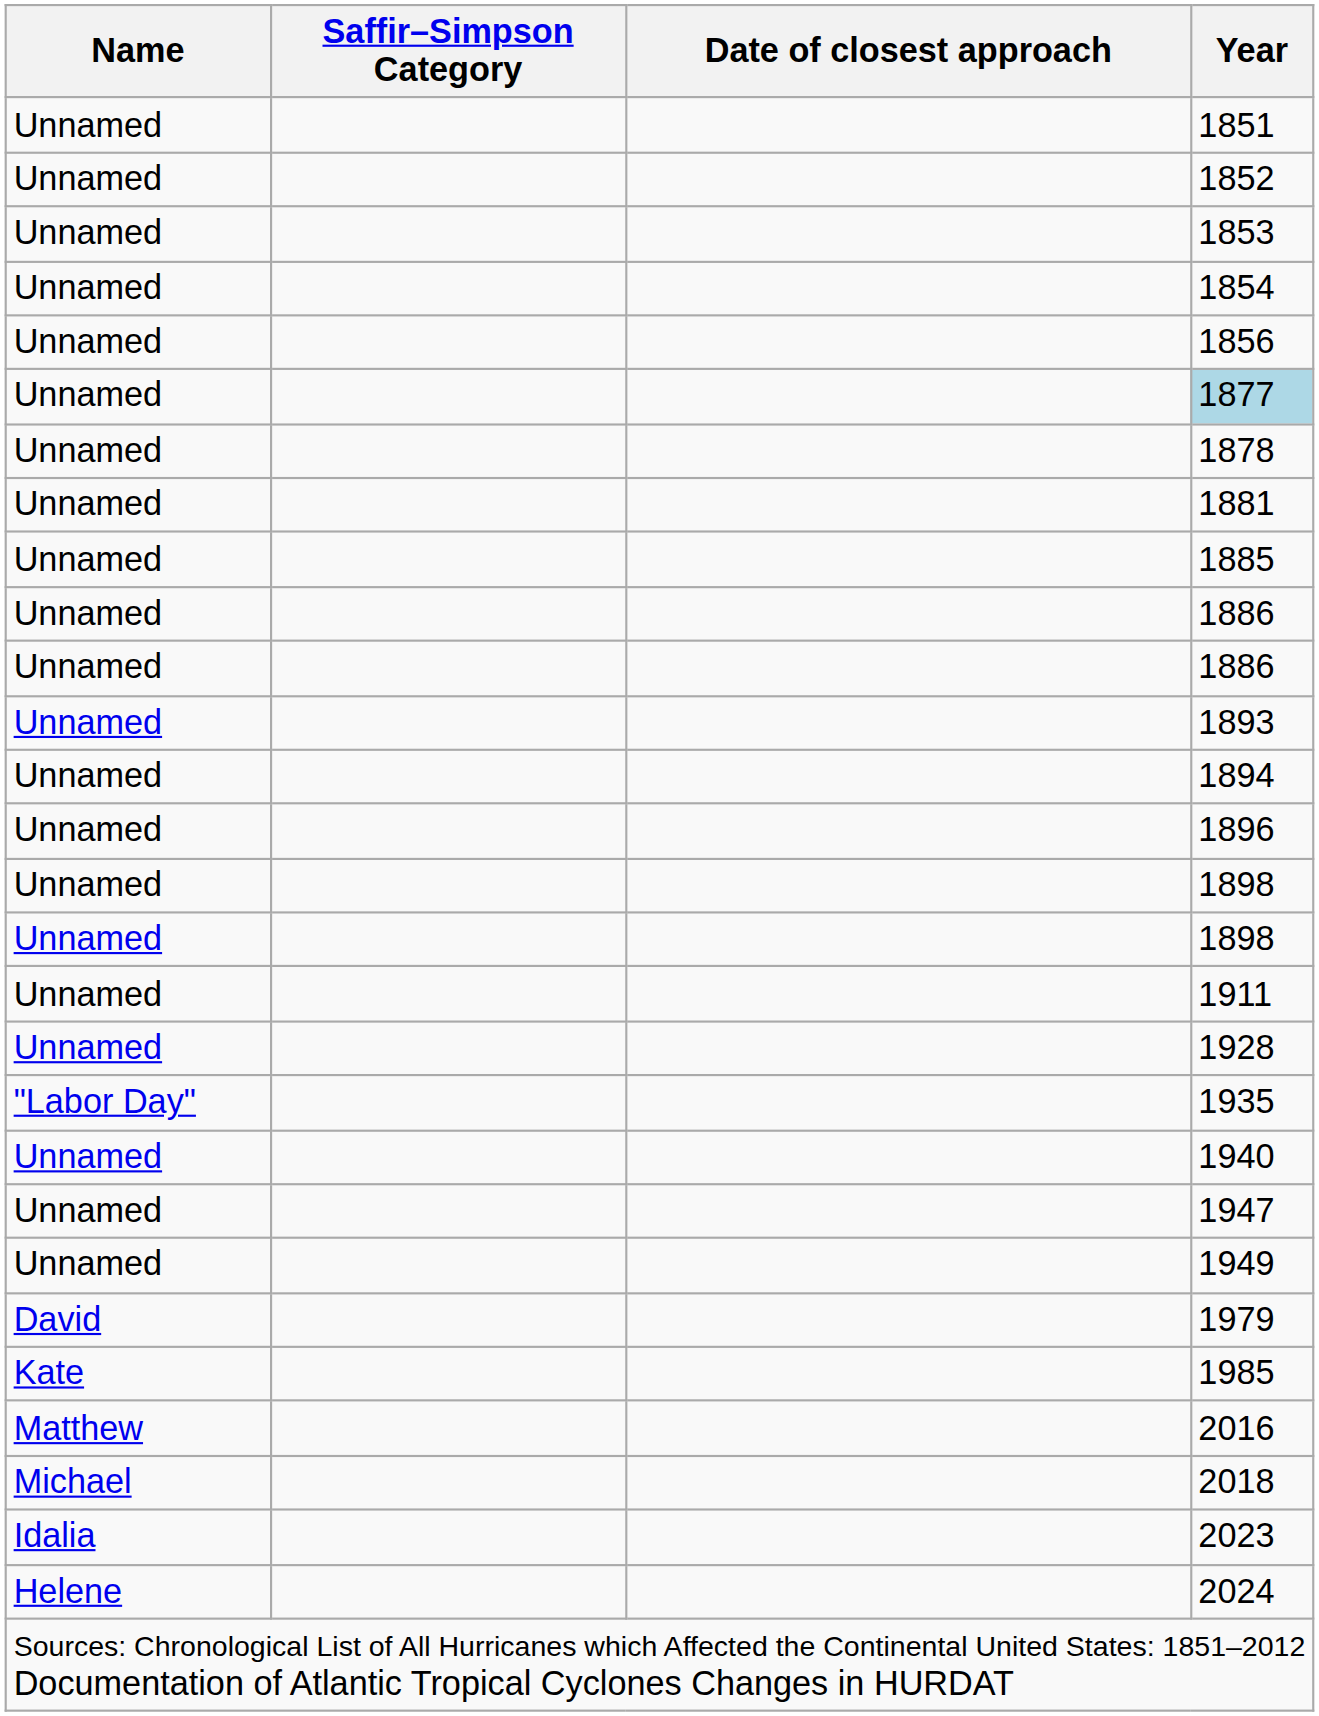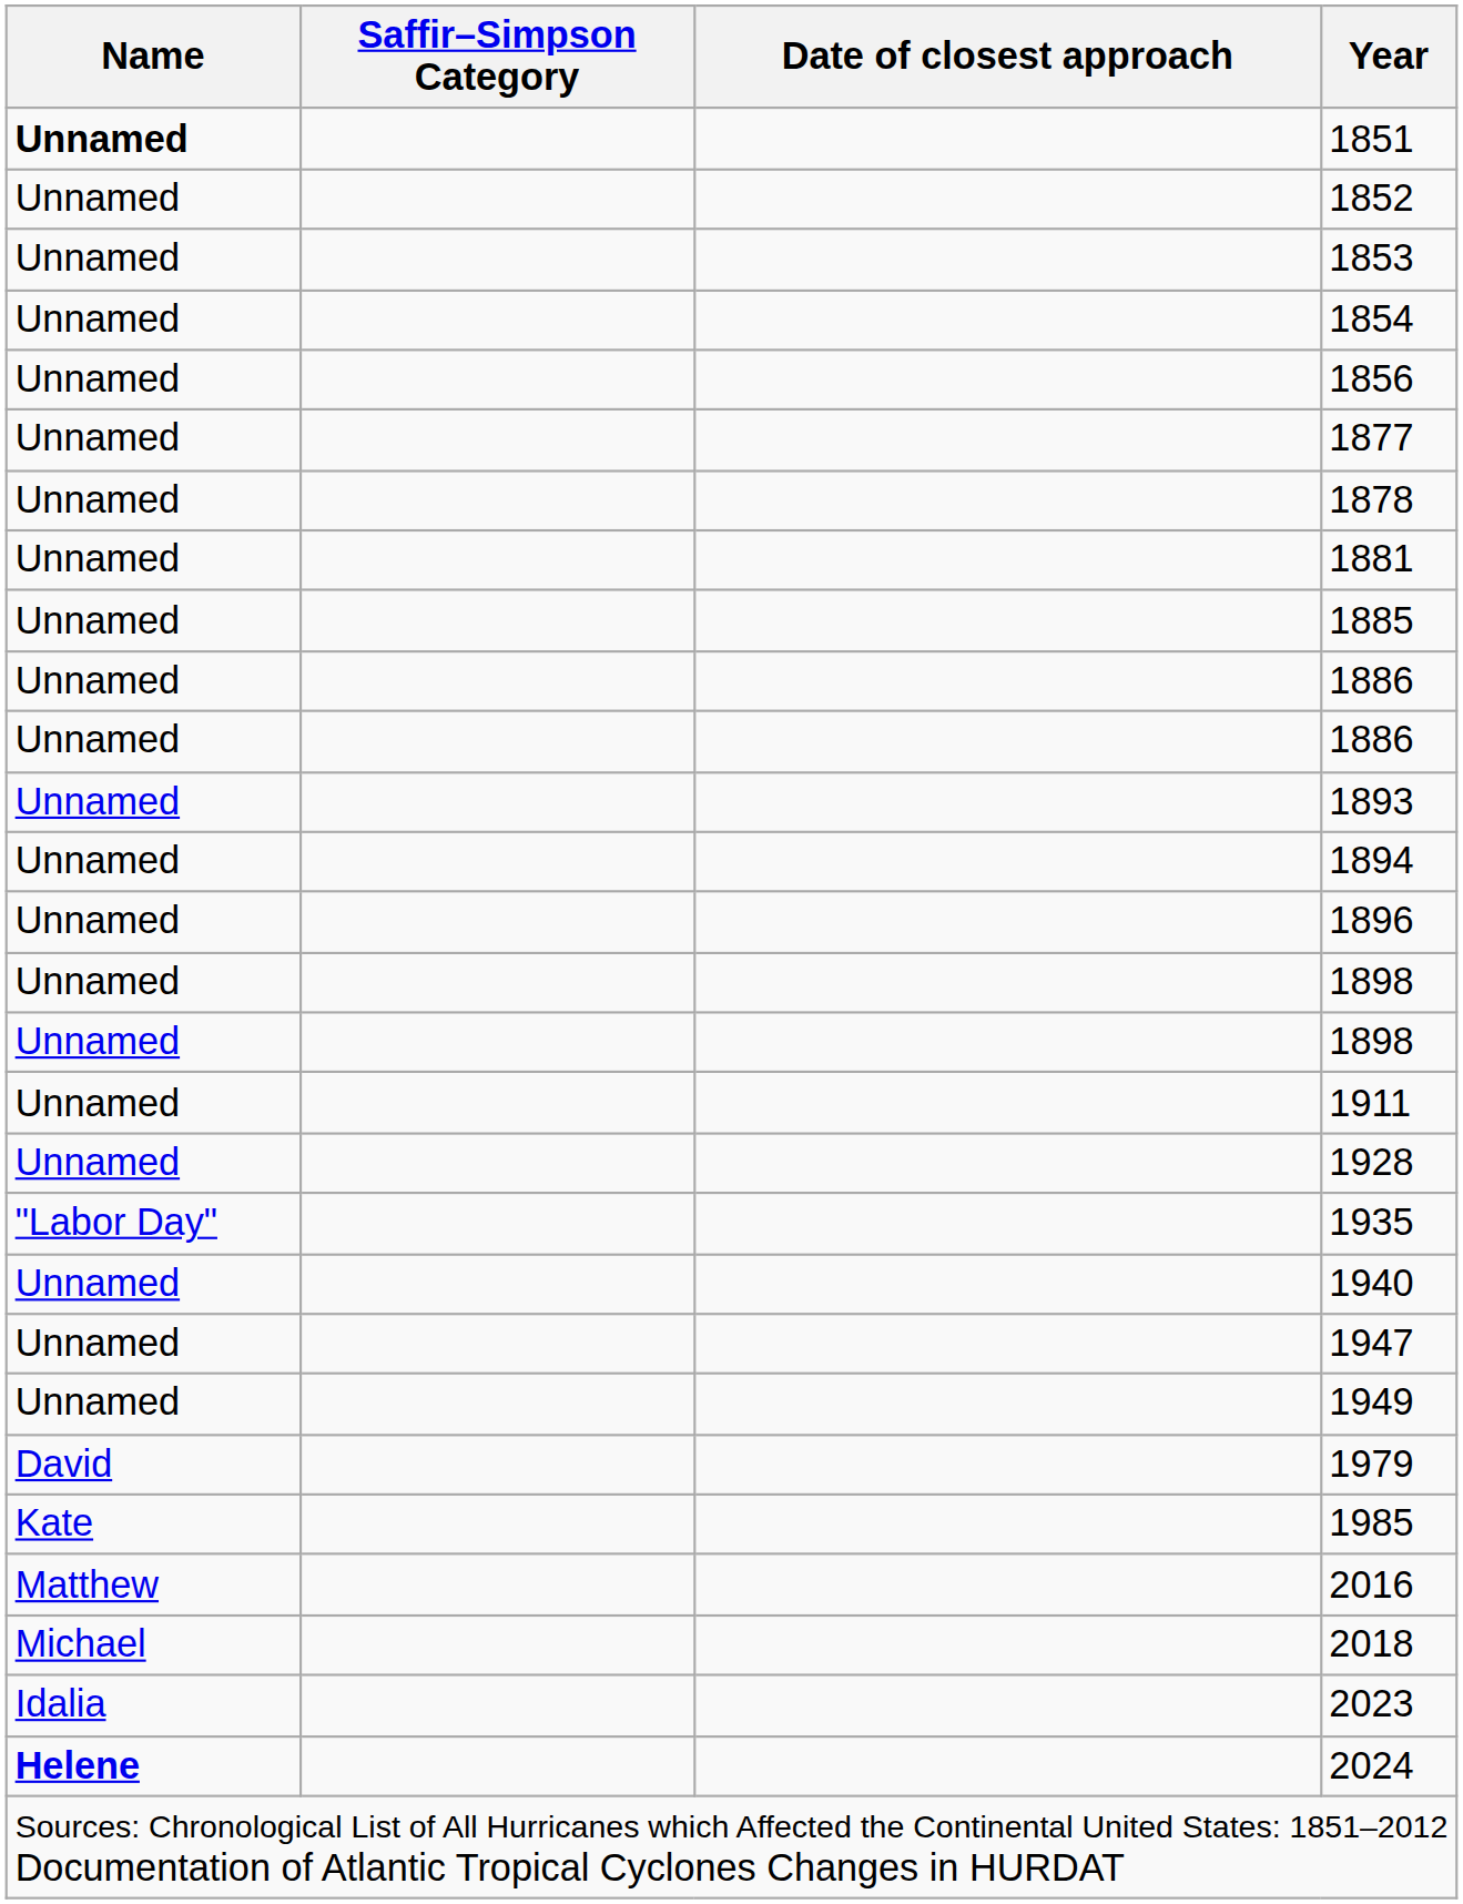 <table class = "wikitable" style="margin:1em auto;">
 <tr>
 <th>Name</th>
 <th><a href='#'>Saffir–Simpson</a><br>Category</th>
 <th>Date of closest approach</th>
 <th>Year</th>
 </tr>
 <tr>
-<td>Unnamed</td>
+<td><strong>Unnamed</strong></td>
 <td></td>
 <td></td>
 <td>1851</td>
 </tr>
 <tr>
 <td>Unnamed</td>
 <td></td>
 <td></td>
 <td>1852</td>
 </tr>
 <tr>
 <td>Unnamed</td>
 <td></td>
 <td></td>
 <td>1853</td>
 </tr>
 <tr>
 <td>Unnamed</td>
 <td></td>
 <td></td>
 <td>1854</td>
 </tr>
 <tr>
 <td>Unnamed</td>
 <td></td>
 <td></td>
 <td>1856</td>
 </tr>
 <tr>
 <td>Unnamed</td>
 <td></td>
 <td></td>
-<td style="background: lightblue;">1877</td>
+<td>1877</td>
 </tr>
 <tr>
 <td>Unnamed</td>
 <td></td>
 <td></td>
 <td>1878</td>
 </tr>
 <tr>
 <td>Unnamed</td>
 <td></td>
 <td></td>
 <td>1881</td>
 </tr>
 <tr>
 <td>Unnamed</td>
 <td></td>
 <td></td>
 <td>1885</td>
 </tr>
 <tr>
 <td>Unnamed</td>
 <td></td>
 <td></td>
 <td>1886</td>
 </tr>
 <tr>
 <td>Unnamed</td>
 <td></td>
 <td></td>
 <td>1886</td>
 </tr>
 <tr>
 <td><a href='#'>Unnamed</a></td>
 <td></td>
 <td></td>
 <td>1893</td>
 </tr>
 <tr>
 <td>Unnamed</td>
 <td></td>
 <td></td>
 <td>1894</td>
 </tr>
 <tr>
 <td>Unnamed</td>
 <td></td>
 <td></td>
 <td>1896</td>
 </tr>
 <tr>
 <td>Unnamed</td>
 <td></td>
 <td></td>
 <td>1898</td>
 </tr>
 <tr>
 <td><a href='#'>Unnamed</a></td>
 <td></td>
 <td></td>
 <td>1898</td>
 </tr>
 <tr>
 <td>Unnamed</td>
 <td></td>
 <td></td>
 <td>1911</td>
 </tr>
 <tr>
 <td><a href='#'>Unnamed</a></td>
 <td></td>
 <td></td>
 <td>1928</td>
 </tr>
 <tr>
 <td><a href='#'>"Labor Day"</a></td>
 <td></td>
 <td></td>
 <td>1935</td>
 </tr>
 <tr>
 <td><a href='#'>Unnamed</a></td>
 <td></td>
 <td></td>
 <td>1940</td>
 </tr>
 <tr>
 <td>Unnamed</td>
 <td></td>
 <td></td>
 <td>1947</td>
 </tr>
 <tr>
 <td>Unnamed</td>
 <td></td>
 <td></td>
 <td>1949</td>
 </tr>
 <tr>
 <td><a href='#'>David</a></td>
 <td></td>
 <td></td>
 <td>1979</td>
 </tr>
 <tr>
 <td><a href='#'>Kate</a></td>
 <td></td>
 <td></td>
 <td>1985</td>
 </tr>
 <tr>
 <td><a href='#'>Matthew</a></td>
 <td></td>
 <td></td>
 <td>2016</td>
 </tr>
 <tr>
 <td><a href='#'>Michael</a></td>
 <td></td>
 <td></td>
 <td>2018</td>
 </tr>
 <tr>
 <td><a href='#'>Idalia</a></td>
 <td></td>
 <td></td>
 <td>2023</td>
 </tr>
 <tr>
-<td><a href='#'>Helene</a></td>
+<td><strong><a href='#'>Helene</a></strong></td>
 <td></td>
 <td></td>
 <td>2024</td>
 </tr>
 <tr>
 <td colspan="9"><small>Sources: Chronological List of All Hurricanes which Affected the Continental United States: 1851–2012</small><br> Documentation of Atlantic Tropical Cyclones Changes in HURDAT</td>
 </tr>
 </table>
